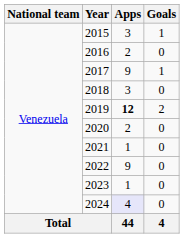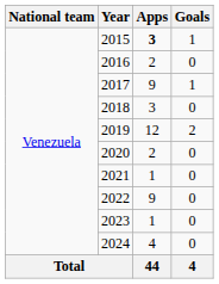 <table class="wikitable" style="text-align: center;">
 <tr>
 <th>National team</th>
 <th>Year</th>
 <th>Apps</th>
 <th>Goals</th>
 </tr>
 <tr>
 <td rowspan="10"><a href='#'>Venezuela</a></td>
 <td>2015</td>
-<td>3</td>
+<td><strong>3</strong></td>
 <td>1</td>
 </tr>
 <tr>
 <td>2016</td>
 <td>2</td>
 <td>0</td>
 </tr>
 <tr>
 <td>2017</td>
 <td>9</td>
 <td>1</td>
 </tr>
 <tr>
 <td>2018</td>
 <td>3</td>
 <td>0</td>
 </tr>
 <tr>
 <td>2019</td>
-<td><strong>12</strong></td>
+<td>12</td>
 <td>2</td>
 </tr>
 <tr>
 <td>2020</td>
 <td>2</td>
 <td>0</td>
 </tr>
 <tr>
 <td>2021</td>
 <td>1</td>
 <td>0</td>
 </tr>
 <tr>
 <td>2022</td>
 <td>9</td>
 <td>0</td>
 </tr>
 <tr>
 <td>2023</td>
 <td>1</td>
 <td>0</td>
 </tr>
 <tr>
 <td>2024</td>
-<td style="background: lavender;">4</td>
+<td>4</td>
 <td>0</td>
 </tr>
 <tr>
 <th colspan="2">Total</th>
 <th>44</th>
 <th>4</th>
 </tr>
 </table>
